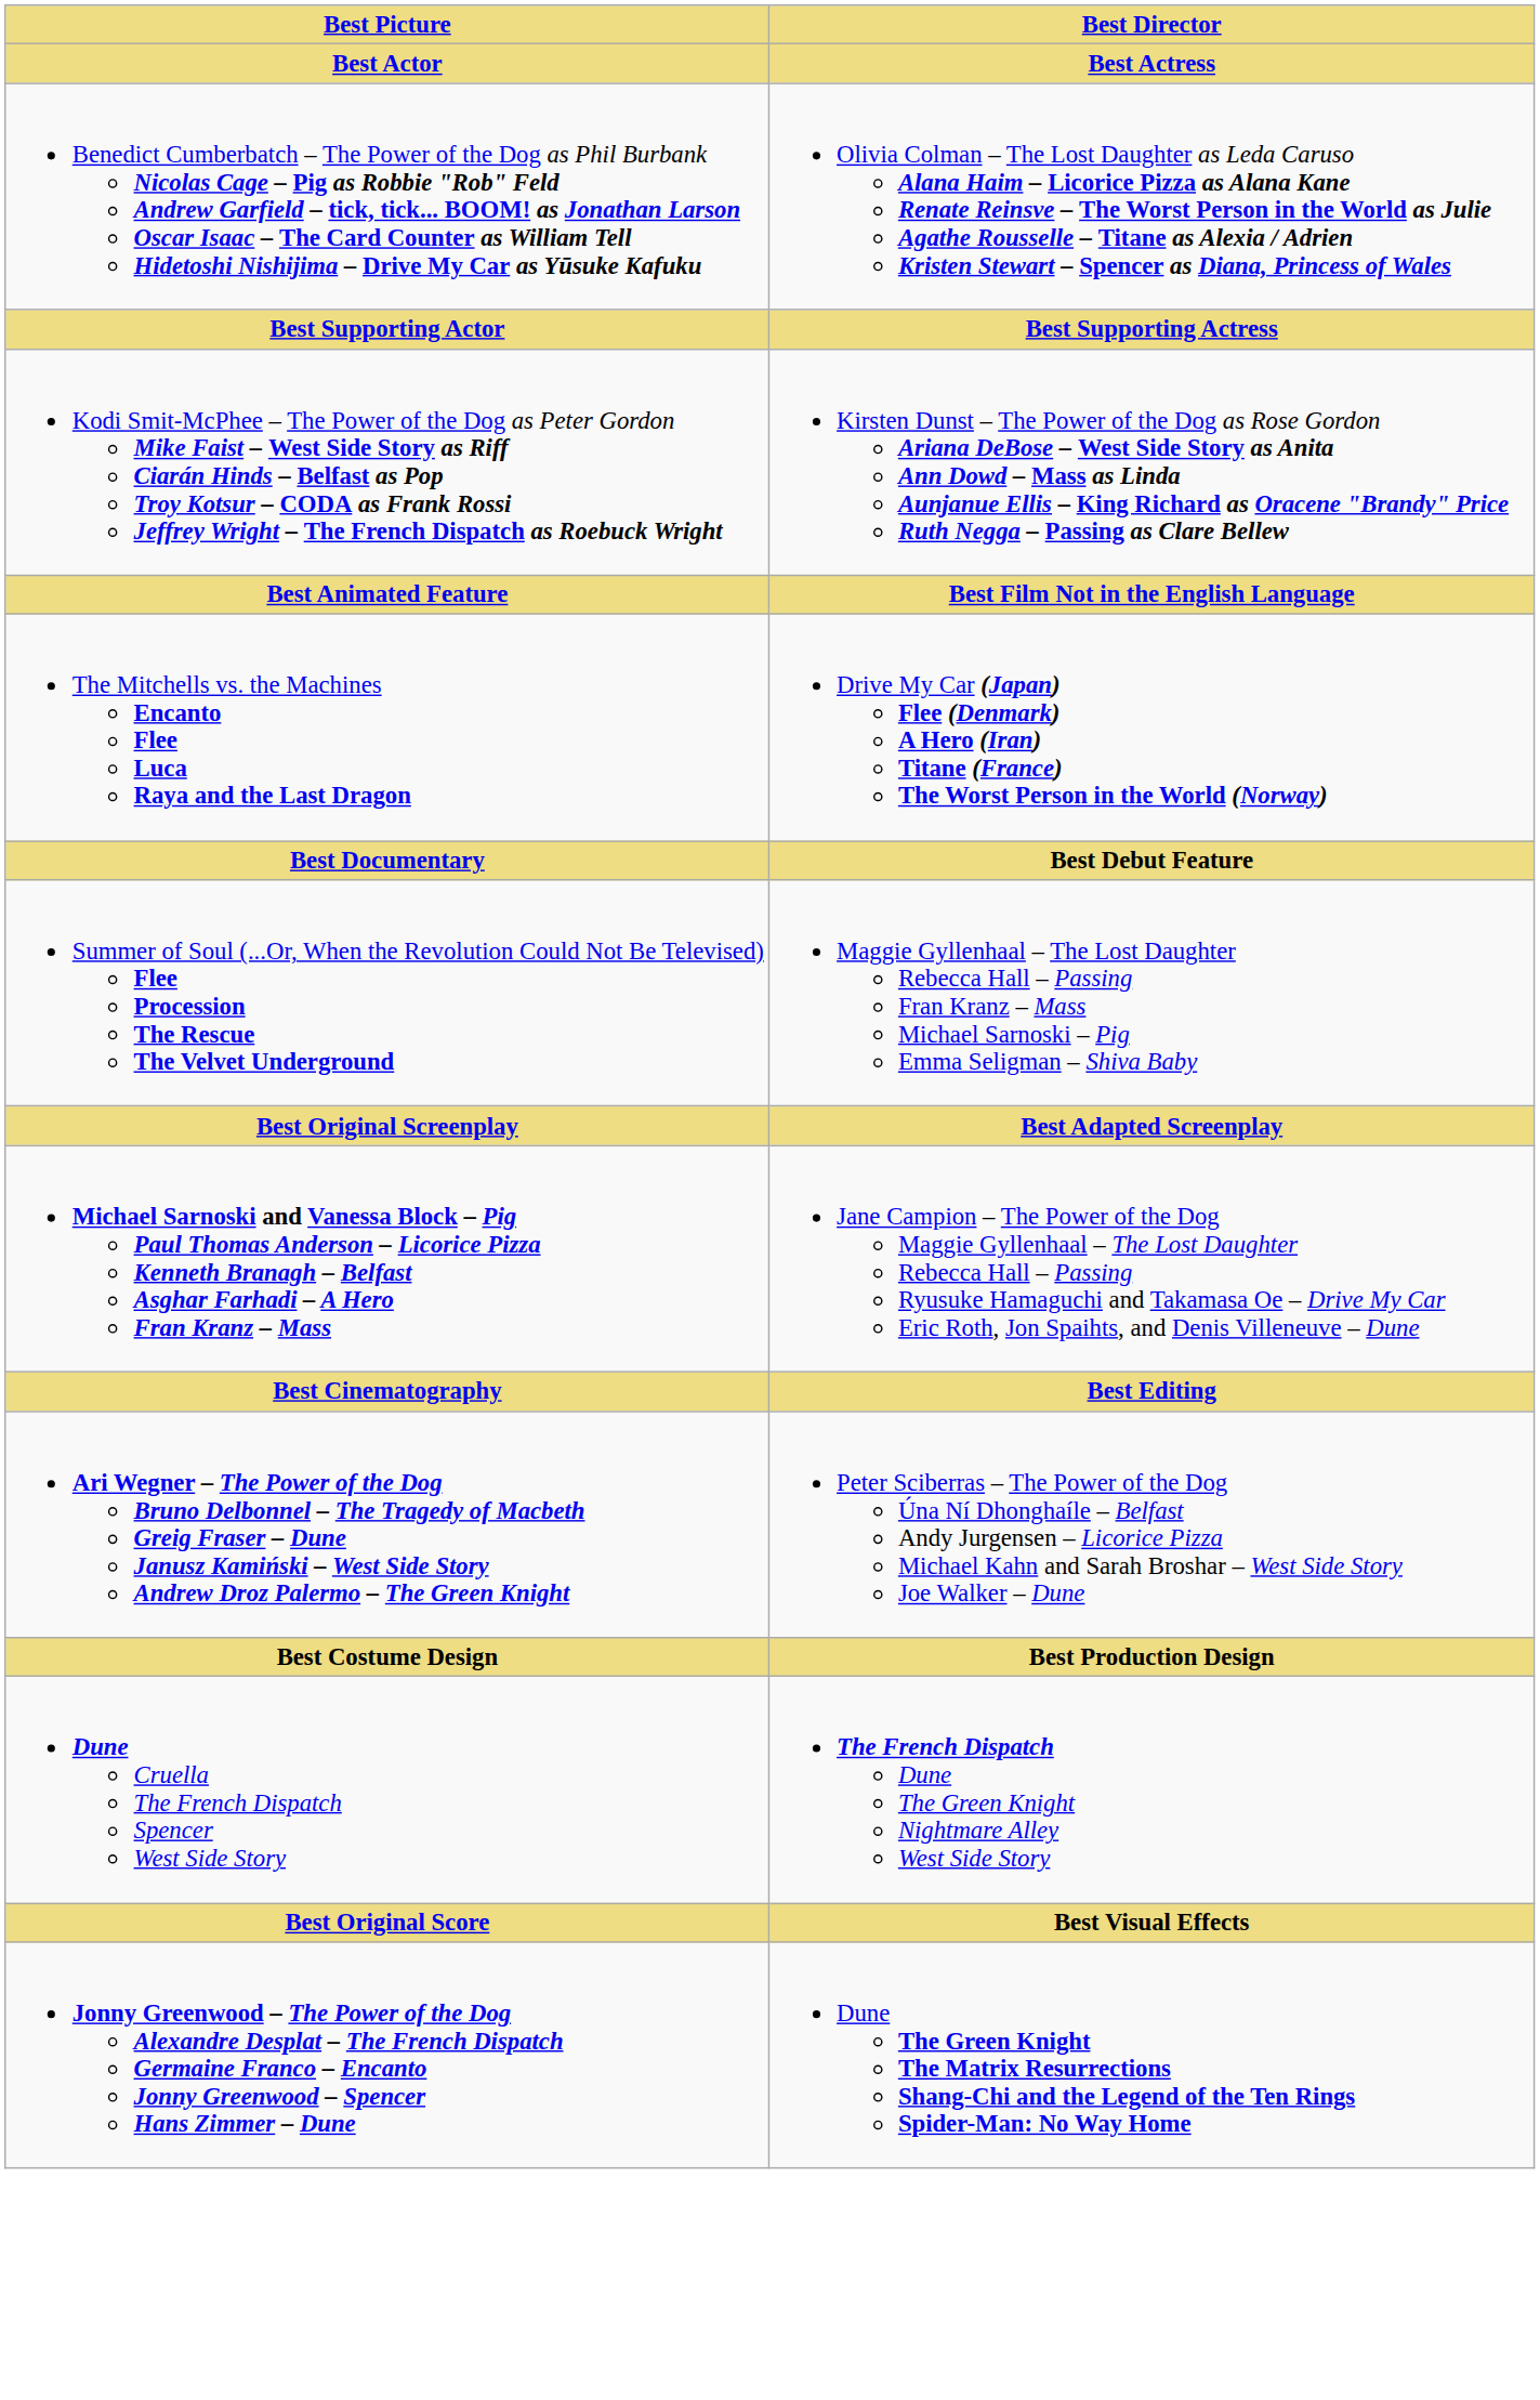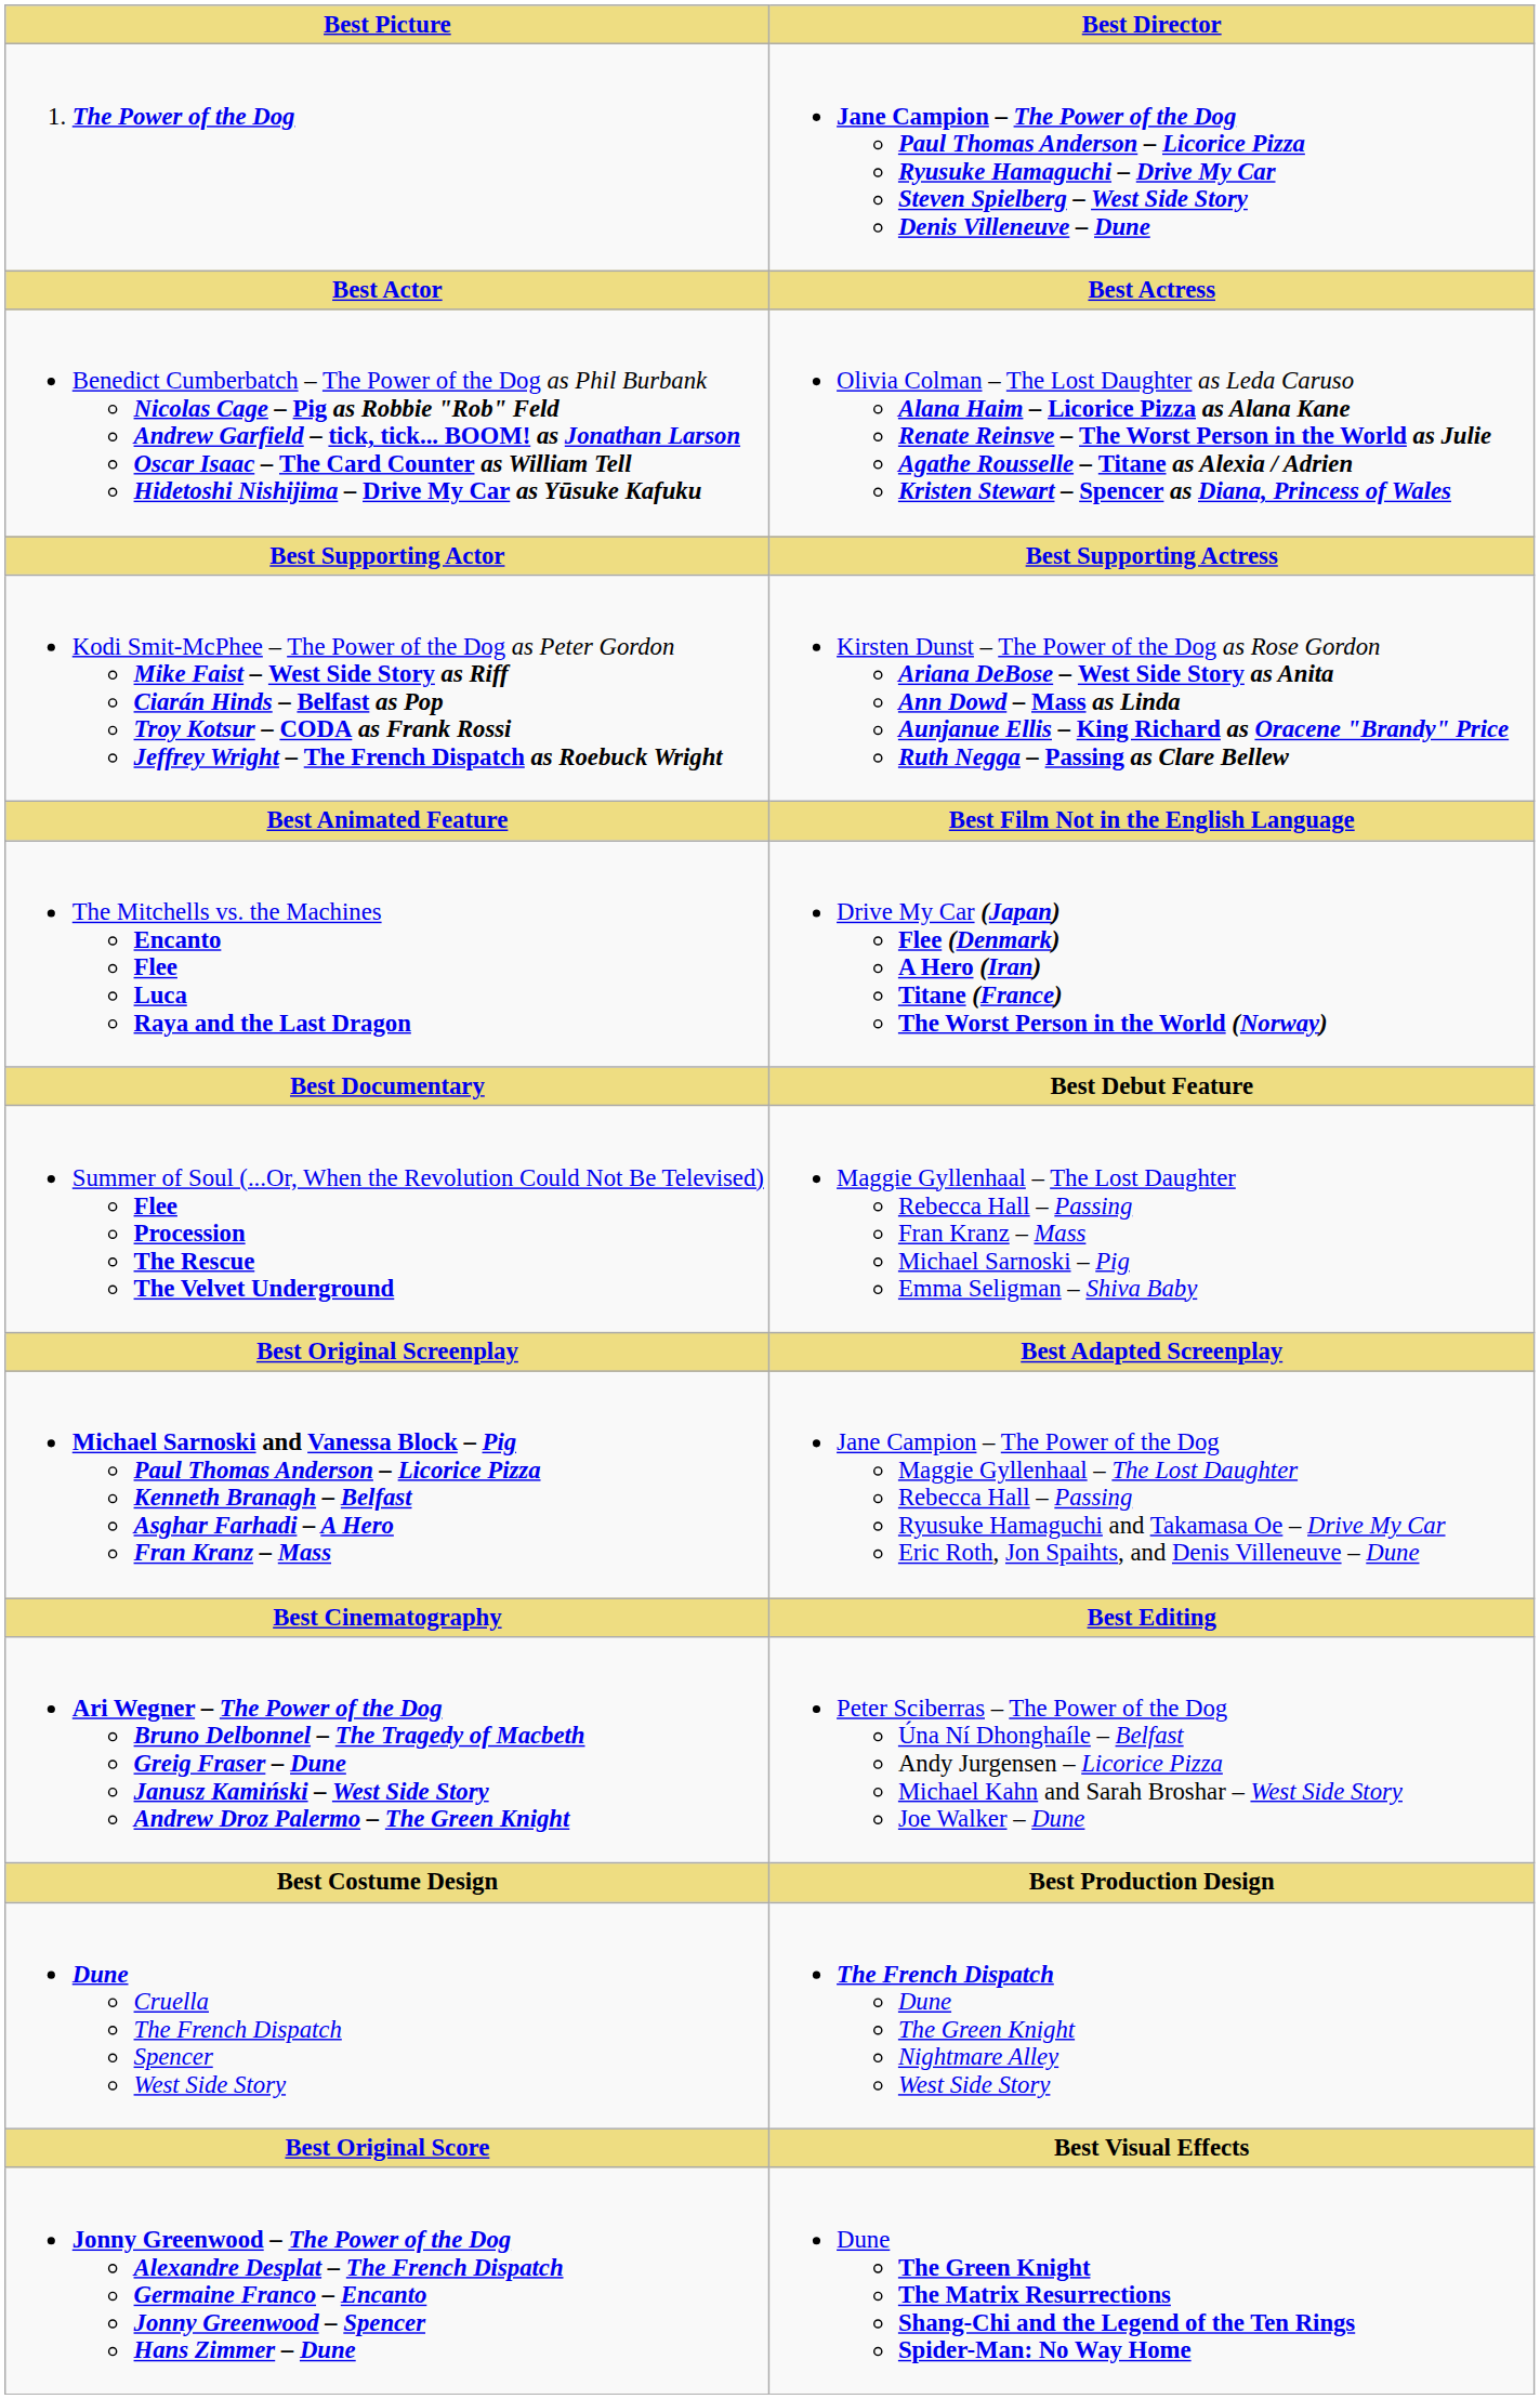 <table class="wikitable">
 <tr>
 <th style="background:#EEDD82; width: 50%"><a href='#'>Best Picture</a></th>
 <th style="background:#EEDD82; width: 50%"><a href='#'>Best Director</a></th>
+</tr>
+<tr>
+<td valign="top"><br><ol><li><strong><em><a href='#'>The Power of the Dog</a></em></strong></li></ol></td>
+<td valign="top"><br><ul><li><strong><a href='#'>Jane Campion</a> – <em><a href='#'>The Power of the Dog</a><strong><em><ul><li><a href='#'>Paul Thomas Anderson</a> – </em><a href='#'>Licorice Pizza</a><em></li><li><a href='#'>Ryusuke Hamaguchi</a> – </em><a href='#'>Drive My Car</a><em></li><li><a href='#'>Steven Spielberg</a> – </em><a href='#'>West Side Story</a><em></li><li><a href='#'>Denis Villeneuve</a> – </em><a href='#'>Dune</a><em></li></ul></li></ul></td>
 </tr>
 <tr>
 <th style="background:#EEDD82; width: 50%"><a href='#'>Best Actor</a></th>
 <th style="background:#EEDD82; width: 50%"><a href='#'>Best Actress</a></th>
 </tr>
 <tr>
 <td valign="top"><br><ul><li></strong><a href='#'>Benedict Cumberbatch</a> – </em><a href='#'>The Power of the Dog</a><em> as Phil Burbank<strong><ul><li><a href='#'>Nicolas Cage</a> – </em><a href='#'>Pig</a><em> as Robbie "Rob" Feld</li><li><a href='#'>Andrew Garfield</a> – </em><a href='#'>tick, tick... BOOM!</a><em> as <a href='#'>Jonathan Larson</a></li><li><a href='#'>Oscar Isaac</a> – </em><a href='#'>The Card Counter</a><em> as William Tell</li><li><a href='#'>Hidetoshi Nishijima</a> – </em><a href='#'>Drive My Car</a><em> as Yūsuke Kafuku</li></ul></li></ul></td>
 <td valign="top"><br><ul><li></strong><a href='#'>Olivia Colman</a> – </em><a href='#'>The Lost Daughter</a><em> as Leda Caruso<strong><ul><li><a href='#'>Alana Haim</a> – </em><a href='#'>Licorice Pizza</a><em> as Alana Kane</li><li><a href='#'>Renate Reinsve</a> – </em><a href='#'>The Worst Person in the World</a><em> as Julie</li><li><a href='#'>Agathe Rousselle</a> – </em><a href='#'>Titane</a><em> as Alexia / Adrien</li><li><a href='#'>Kristen Stewart</a> – </em><a href='#'>Spencer</a><em> as <a href='#'>Diana, Princess of Wales</a></li></ul></li></ul></td>
 </tr>
 <tr>
 <th style="background:#EEDD82; width: 50%"><a href='#'>Best Supporting Actor</a></th>
 <th style="background:#EEDD82; width: 50%"><a href='#'>Best Supporting Actress</a></th>
 </tr>
 <tr>
 <td valign="top"><br><ul><li></strong><a href='#'>Kodi Smit-McPhee</a> – </em><a href='#'>The Power of the Dog</a><em> as Peter Gordon<strong><ul><li><a href='#'>Mike Faist</a> – </em><a href='#'>West Side Story</a><em> as Riff</li><li><a href='#'>Ciarán Hinds</a> – </em><a href='#'>Belfast</a><em> as Pop</li><li><a href='#'>Troy Kotsur</a> – </em><a href='#'>CODA</a><em> as Frank Rossi</li><li><a href='#'>Jeffrey Wright</a> – </em><a href='#'>The French Dispatch</a><em> as Roebuck Wright</li></ul></li></ul></td>
 <td valign="top"><br><ul><li></strong><a href='#'>Kirsten Dunst</a> – </em><a href='#'>The Power of the Dog</a><em> as Rose Gordon<strong><ul><li><a href='#'>Ariana DeBose</a> – </em><a href='#'>West Side Story</a><em> as Anita</li><li><a href='#'>Ann Dowd</a> – </em><a href='#'>Mass</a><em> as Linda</li><li><a href='#'>Aunjanue Ellis</a> – </em><a href='#'>King Richard</a><em> as <a href='#'>Oracene "Brandy" Price</a></li><li><a href='#'>Ruth Negga</a> – </em><a href='#'>Passing</a><em> as Clare Bellew</li></ul></li></ul></td>
 </tr>
 <tr>
 <th style="background:#EEDD82; width: 50%"><a href='#'>Best Animated Feature</a></th>
 <th style="background:#EEDD82; width: 50%"><a href='#'>Best Film Not in the English Language</a></th>
 </tr>
 <tr>
 <td valign="top"><br><ul><li></em></strong><a href='#'>The Mitchells vs. the Machines</a><strong><em><ul><li></em><a href='#'>Encanto</a><em></li><li></em><a href='#'>Flee</a><em></li><li></em><a href='#'>Luca</a><em></li><li></em><a href='#'>Raya and the Last Dragon</a><em></li></ul></li></ul></td>
 <td valign="top"><br><ul><li></em></strong><a href='#'>Drive My Car</a><strong><em> (<a href='#'>Japan</a>)<ul><li></em><a href='#'>Flee</a><em> (<a href='#'>Denmark</a>)</li><li></em><a href='#'>A Hero</a><em> (<a href='#'>Iran</a>)</li><li></em><a href='#'>Titane</a><em> (<a href='#'>France</a>)</li><li></em><a href='#'>The Worst Person in the World</a><em> (<a href='#'>Norway</a>)</li></ul></li></ul></td>
 </tr>
 <tr>
 <th style="background:#EEDD82; width: 50%"><a href='#'>Best Documentary</a></th>
 <th style="background:#EEDD82; width: 50%">Best Debut Feature</th>
 </tr>
 <tr>
 <td valign="top"><br><ul><li></em></strong><a href='#'>Summer of Soul (...Or, When the Revolution Could Not Be Televised)</a><strong><em><ul><li></em><a href='#'>Flee</a><em></li><li></em><a href='#'>Procession</a><em></li><li></em><a href='#'>The Rescue</a><em></li><li></em><a href='#'>The Velvet Underground</a><em></li></ul></li></ul></td>
 <td valign="top"><br><ul><li></strong><a href='#'>Maggie Gyllenhaal</a> – </em><a href='#'>The Lost Daughter</a></em></strong><ul><li><a href='#'>Rebecca Hall</a> – <em><a href='#'>Passing</a></em></li><li><a href='#'>Fran Kranz</a> – <em><a href='#'>Mass</a></em></li><li><a href='#'>Michael Sarnoski</a> – <em><a href='#'>Pig</a></em></li><li><a href='#'>Emma Seligman</a> – <em><a href='#'>Shiva Baby</a></em></li></ul></li></ul></td>
 </tr>
 <tr>
 <th style="background:#EEDD82; width: 50%"><a href='#'>Best Original Screenplay</a></th>
 <th style="background:#EEDD82; width: 50%"><a href='#'>Best Adapted Screenplay</a></th>
 </tr>
 <tr>
 <td valign="top"><br><ul><li><strong><a href='#'>Michael Sarnoski</a> and <a href='#'>Vanessa Block</a> – <em><a href='#'>Pig</a><strong><em><ul><li><a href='#'>Paul Thomas Anderson</a> – </em><a href='#'>Licorice Pizza</a><em></li><li><a href='#'>Kenneth Branagh</a> – </em><a href='#'>Belfast</a><em></li><li><a href='#'>Asghar Farhadi</a> – </em><a href='#'>A Hero</a><em></li><li><a href='#'>Fran Kranz</a> – </em><a href='#'>Mass</a><em></li></ul></li></ul></td>
 <td valign="top"><br><ul><li></strong><a href='#'>Jane Campion</a> – </em><a href='#'>The Power of the Dog</a></em></strong><ul><li><a href='#'>Maggie Gyllenhaal</a> – <em><a href='#'>The Lost Daughter</a></em></li><li><a href='#'>Rebecca Hall</a> – <em><a href='#'>Passing</a></em></li><li><a href='#'>Ryusuke Hamaguchi</a> and <a href='#'>Takamasa Oe</a> – <em><a href='#'>Drive My Car</a></em></li><li><a href='#'>Eric Roth</a>, <a href='#'>Jon Spaihts</a>, and <a href='#'>Denis Villeneuve</a> – <em><a href='#'>Dune</a></em></li></ul></li></ul></td>
 </tr>
 <tr>
 <th style="background:#EEDD82; width: 50%"><a href='#'>Best Cinematography</a></th>
 <th style="background:#EEDD82; width: 50%"><a href='#'>Best Editing</a></th>
 </tr>
 <tr>
 <td valign="top"><br><ul><li><strong><a href='#'>Ari Wegner</a> – <em><a href='#'>The Power of the Dog</a><strong><em><ul><li><a href='#'>Bruno Delbonnel</a> – </em><a href='#'>The Tragedy of Macbeth</a><em></li><li><a href='#'>Greig Fraser</a> – </em><a href='#'>Dune</a><em></li><li><a href='#'>Janusz Kamiński</a> – </em><a href='#'>West Side Story</a><em></li><li><a href='#'>Andrew Droz Palermo</a> – </em><a href='#'>The Green Knight</a><em></li></ul></li></ul></td>
 <td valign="top"><br><ul><li></strong><a href='#'>Peter Sciberras</a> – </em><a href='#'>The Power of the Dog</a></em></strong><ul><li><a href='#'>Úna Ní Dhonghaíle</a> – <em><a href='#'>Belfast</a></em></li><li>Andy Jurgensen – <em><a href='#'>Licorice Pizza</a></em></li><li><a href='#'>Michael Kahn</a> and Sarah Broshar – <em><a href='#'>West Side Story</a></em></li><li><a href='#'>Joe Walker</a> – <em><a href='#'>Dune</a></em></li></ul></li></ul></td>
 </tr>
 <tr>
 <th style="background:#EEDD82; width: 50%">Best Costume Design</th>
 <th style="background:#EEDD82; width: 50%">Best Production Design</th>
 </tr>
 <tr>
 <td valign="top"><br><ul><li><strong><em><a href='#'>Dune</a></em></strong><ul><li><em><a href='#'>Cruella</a></em></li><li><em><a href='#'>The French Dispatch</a></em></li><li><em><a href='#'>Spencer</a></em></li><li><em><a href='#'>West Side Story</a></em></li></ul></li></ul></td>
 <td valign="top"><br><ul><li><strong><em><a href='#'>The French Dispatch</a></em></strong><ul><li><em><a href='#'>Dune</a></em></li><li><em><a href='#'>The Green Knight</a></em></li><li><em><a href='#'>Nightmare Alley</a></em></li><li><em><a href='#'>West Side Story</a></em></li></ul></li></ul></td>
 </tr>
 <tr>
 <th style="background:#EEDD82; width: 50%"><a href='#'>Best Original Score</a></th>
 <th style="background:#EEDD82; width: 50%">Best Visual Effects</th>
 </tr>
 <tr>
 <td valign="top"><br><ul><li><strong><a href='#'>Jonny Greenwood</a> – <em><a href='#'>The Power of the Dog</a><strong><em><ul><li><a href='#'>Alexandre Desplat</a> – </em><a href='#'>The French Dispatch</a><em></li><li><a href='#'>Germaine Franco</a> – </em><a href='#'>Encanto</a><em></li><li><a href='#'>Jonny Greenwood</a> – </em><a href='#'>Spencer</a><em></li><li><a href='#'>Hans Zimmer</a> – </em><a href='#'>Dune</a><em></li></ul></li></ul></td>
 <td valign="top"><br><ul><li></em></strong><a href='#'>Dune</a><strong><em><ul><li></em><a href='#'>The Green Knight</a><em></li><li></em><a href='#'>The Matrix Resurrections</a><em></li><li></em><a href='#'>Shang-Chi and the Legend of the Ten Rings</a><em></li><li></em><a href='#'>Spider-Man: No Way Home</a><em></li></ul></li></ul></td>
 </tr>
 </table>
